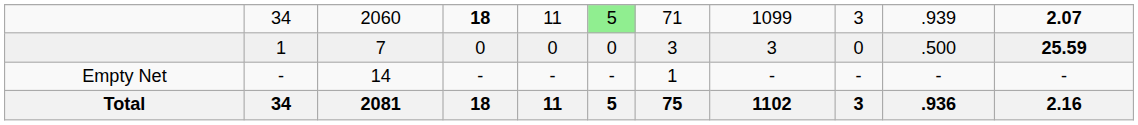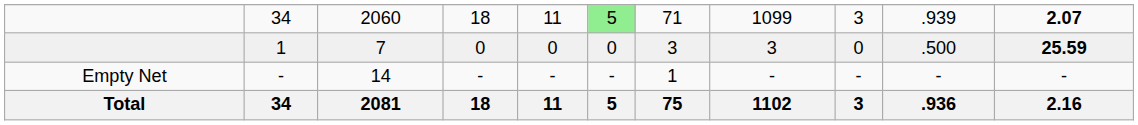 <table class="wikitable sortable" width ="1000">
 <tr align="center">
 </tr>
 <tr align="center">
 <td></td>
 <td>34</td>
 <td>2060</td>
-<td><strong>18</strong></td>
+<td>18</td>
 <td>11</td>
 <td style="background: lightgreen;">5</td>
 <td>71</td>
 <td>1099</td>
 <td>3</td>
 <td>.939</td>
 <td><strong>2.07</strong></td>
 </tr>
 <tr align="center" bgcolor="#f0f0f0">
 <td></td>
 <td>1</td>
 <td>7</td>
 <td>0</td>
 <td>0</td>
 <td>0</td>
 <td>3</td>
 <td>3</td>
 <td>0</td>
 <td>.500</td>
 <td><strong>25.59</strong></td>
 </tr>
 <tr align="center" bgcolor="">
 <td>Empty Net</td>
 <td>-</td>
 <td>14</td>
 <td>-</td>
 <td>-</td>
 <td>-</td>
 <td>1</td>
 <td>-</td>
 <td>-</td>
 <td>-</td>
 <td>-</td>
 </tr>
 <tr>
 <th>Total</th>
 <th>34</th>
 <th>2081</th>
 <th>18</th>
 <th>11</th>
 <th>5</th>
 <th>75</th>
 <th>1102</th>
 <th>3</th>
 <th>.936</th>
 <th>2.16</th>
 </tr>
 </table>
